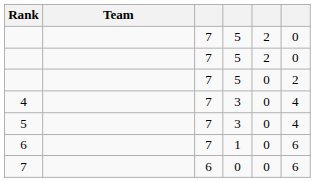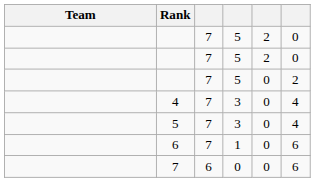 <table class="wikitable" style="text-align: center; font-size:90% ">
 <tr>
+<th width=160>Team</th>
 <th width=35>Rank</th>
-<th width=160>Team</th>
 <th width=25></th>
 <th width=25></th>
 <th width=25></th>
 <th width=25></th>
 </tr>
 <tr>
+<td align=left></td>
 <td></td>
-<td align=left></td>
 <td>7</td>
 <td>5</td>
 <td>2</td>
 <td>0</td>
 </tr>
 <tr>
+<td align=left></td>
 <td></td>
-<td align=left></td>
 <td>7</td>
 <td>5</td>
 <td>2</td>
 <td>0</td>
 </tr>
 <tr>
+<td align=left></td>
 <td></td>
-<td align=left></td>
 <td>7</td>
 <td>5</td>
 <td>0</td>
 <td>2</td>
 </tr>
 <tr>
+<td align=left></td>
 <td>4</td>
-<td align=left></td>
 <td>7</td>
 <td>3</td>
 <td>0</td>
 <td>4</td>
 </tr>
 <tr>
+<td align=left></td>
 <td>5</td>
-<td align=left></td>
 <td>7</td>
 <td>3</td>
 <td>0</td>
 <td>4</td>
 </tr>
 <tr>
+<td align=left></td>
 <td>6</td>
-<td align=left></td>
 <td>7</td>
 <td>1</td>
 <td>0</td>
 <td>6</td>
 </tr>
 <tr>
+<td align=left></td>
 <td>7</td>
-<td align=left></td>
 <td>6</td>
 <td>0</td>
 <td>0</td>
 <td>6</td>
 </tr>
 </table>
